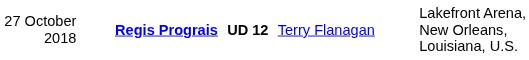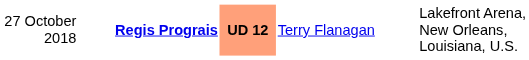 <table cellspacing="1" style="width:100%;">
 <tr>
 <th width="15%"></th>
 <th width="25%"></th>
 <th width="10%"></th>
 <th width="25%"></th>
 </tr>
 <tr style="font-size:100%">
 <td align="right">27 October 2018</td>
 <td align="right"><strong><a href='#'>Regis Prograis</a></strong> </td>
-<td align="center"><strong>UD 12</strong></td>
+<td align="center" style="background: lightsalmon;"><strong>UD 12</strong></td>
 <td> <a href='#'>Terry Flanagan</a></td>
 <td>Lakefront Arena, New Orleans, Louisiana, U.S.</td>
 </tr>
 </table>
